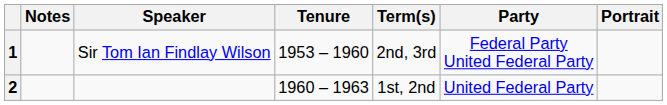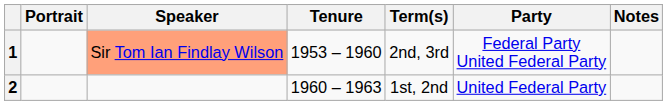 <table class="wikitable" style="text-align: center;">
 <tr>
 <th></th>
-<th>Notes</th>
+<th>Portrait</th>
 <th>Speaker</th>
 <th>Tenure</th>
 <th>Term(s)</th>
 <th>Party</th>
-<th>Portrait</th>
+<th>Notes</th>
 </tr>
 <tr>
 <th style="background:">1</th>
 <td></td>
-<td>Sir <a href='#'>Tom Ian Findlay Wilson</a></td>
+<td style="background: lightsalmon;">Sir <a href='#'>Tom Ian Findlay Wilson</a></td>
 <td>1953 – 1960</td>
 <td>2nd, 3rd</td>
 <td><a href='#'>Federal Party</a><br><a href='#'>United Federal Party</a></td>
 <td></td>
 </tr>
 <tr>
 <th style="background:">2</th>
 <td></td>
 <td></td>
 <td>1960 – 1963</td>
 <td>1st, 2nd</td>
 <td><a href='#'>United Federal Party</a></td>
 <td></td>
 </tr>
 </table>
